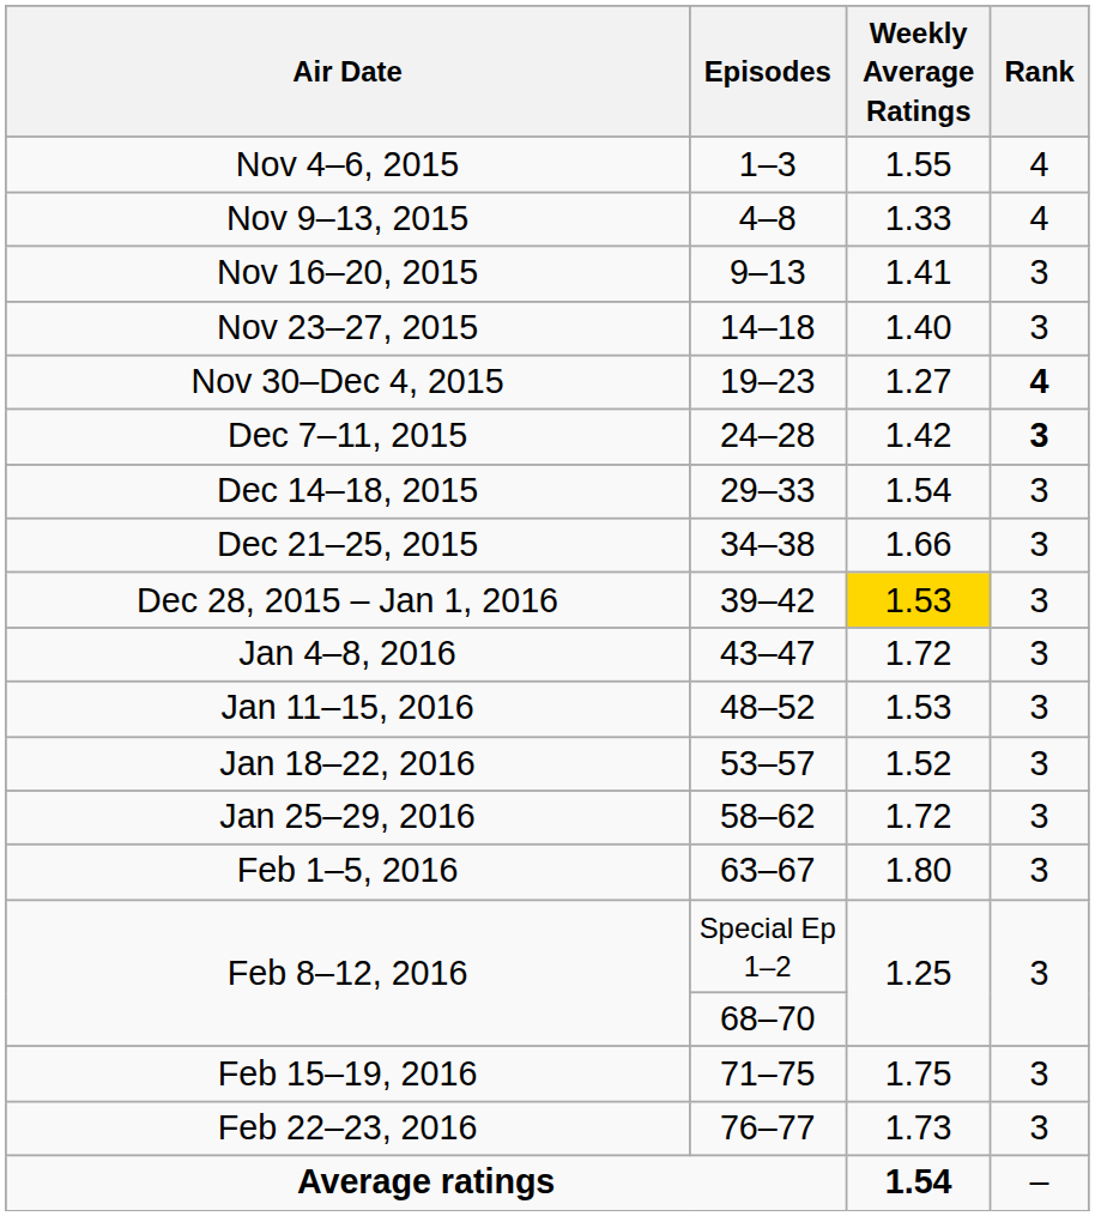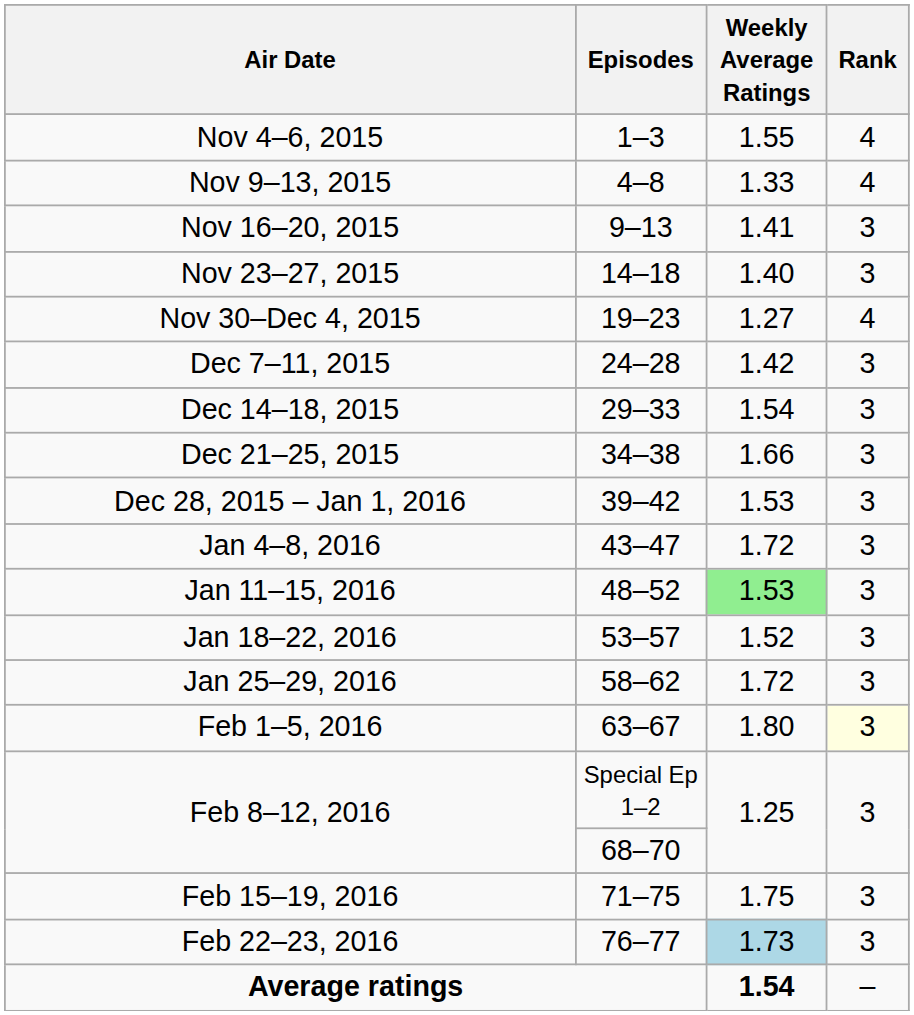 <table class="wikitable" style="text-align:center;width:40%;">
 <tr>
 <th width="50%"><small>Air Date</small></th>
 <th width="5%"><small>Episodes</small></th>
 <th width="6%"><small>Weekly Average Ratings</small></th>
 <th width="4%"><small>Rank</small></th>
 </tr>
 <tr>
 <td>Nov 4–6, 2015</td>
 <td>1–3</td>
 <td>1.55</td>
 <td>4</td>
 </tr>
 <tr>
 <td>Nov 9–13, 2015</td>
 <td>4–8</td>
 <td>1.33</td>
 <td>4</td>
 </tr>
 <tr>
 <td>Nov 16–20, 2015</td>
 <td>9–13</td>
 <td>1.41</td>
 <td>3</td>
 </tr>
 <tr>
 <td>Nov 23–27, 2015</td>
 <td>14–18</td>
 <td>1.40</td>
 <td>3</td>
 </tr>
 <tr>
 <td>Nov 30–Dec 4, 2015</td>
 <td>19–23</td>
 <td>1.27</td>
-<td><strong>4</strong></td>
+<td>4</td>
 </tr>
 <tr>
 <td>Dec 7–11, 2015</td>
 <td>24–28</td>
 <td>1.42</td>
-<td><strong>3</strong></td>
+<td>3</td>
 </tr>
 <tr>
 <td>Dec 14–18, 2015</td>
 <td>29–33</td>
 <td>1.54</td>
 <td>3</td>
 </tr>
 <tr>
 <td>Dec 21–25, 2015</td>
 <td>34–38</td>
 <td>1.66</td>
 <td>3</td>
 </tr>
 <tr>
 <td>Dec 28, 2015 – Jan 1, 2016</td>
 <td>39–42</td>
-<td style="background: gold;">1.53</td>
+<td>1.53</td>
 <td>3</td>
 </tr>
 <tr>
 <td>Jan 4–8, 2016</td>
 <td>43–47</td>
 <td>1.72</td>
 <td>3</td>
 </tr>
 <tr>
 <td>Jan 11–15, 2016</td>
 <td>48–52</td>
-<td>1.53</td>
+<td style="background: lightgreen;">1.53</td>
 <td>3</td>
 </tr>
 <tr>
 <td>Jan 18–22, 2016</td>
 <td>53–57</td>
 <td>1.52</td>
 <td>3</td>
 </tr>
 <tr>
 <td>Jan 25–29, 2016</td>
 <td>58–62</td>
 <td>1.72</td>
 <td>3</td>
 </tr>
 <tr>
 <td>Feb 1–5, 2016</td>
 <td>63–67</td>
 <td>1.80</td>
-<td>3</td>
+<td style="background: lightyellow;">3</td>
 </tr>
 <tr>
 <td rowspan=2>Feb 8–12, 2016</td>
 <td><small>Special Ep 1–2</small></td>
 <td rowspan=2>1.25</td>
 <td rowspan=2>3</td>
 </tr>
 <tr>
 <td>68–70</td>
 </tr>
 <tr>
 <td>Feb 15–19, 2016</td>
 <td>71–75</td>
 <td>1.75</td>
 <td>3</td>
 </tr>
 <tr>
 <td>Feb 22–23, 2016</td>
 <td>76–77</td>
-<td>1.73</td>
+<td style="background: lightblue;">1.73</td>
 <td>3</td>
 </tr>
 <tr>
 <td colspan=2><strong>Average ratings</strong></td>
 <td><strong>1.54</strong></td>
 <td>–</td>
 </tr>
 </table>
